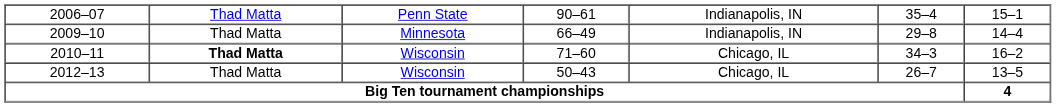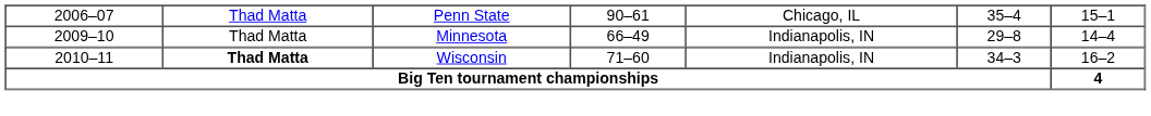 <table cellpadding="1" border="1" cellspacing="0" width="60%">
 <tr -align="center">
 </tr>
 <tr align="center">
 <td>2006–07</td>
 <td><a href='#'>Thad Matta</a></td>
 <td><a href='#'>Penn State</a></td>
 <td>90–61</td>
-<td>Indianapolis, IN</td>
+<td>Chicago, IL</td>
 <td>35–4</td>
 <td>15–1</td>
 </tr>
 <tr align="center">
 <td>2009–10</td>
 <td>Thad Matta</td>
 <td><a href='#'>Minnesota</a></td>
 <td>66–49</td>
 <td>Indianapolis, IN</td>
 <td>29–8</td>
 <td>14–4</td>
 </tr>
 <tr align="center">
 <td>2010–11</td>
 <td><strong>Thad Matta</strong></td>
 <td><a href='#'>Wisconsin</a></td>
 <td>71–60</td>
-<td>Chicago, IL</td>
+<td>Indianapolis, IN</td>
 <td>34–3</td>
 <td>16–2</td>
-</tr>
-<tr align="center">
-<td>2012–13</td>
-<td>Thad Matta</td>
-<td><a href='#'>Wisconsin</a></td>
-<td>50–43</td>
-<td>Chicago, IL</td>
-<td>26–7</td>
-<td>13–5</td>
 </tr>
 <tr align="center">
 <td colspan=6><strong>Big Ten tournament championships</strong></td>
 <td colspan=1><strong>4</strong></td>
 </tr>
 </table>
